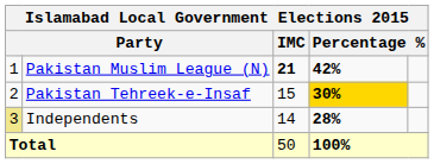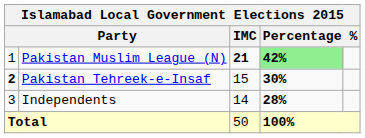 <table class="wikitable">
 <tr>
 <th colspan="5">Islamabad Local Government Elections 2015</th>
 </tr>
 <tr>
 <th colspan="2">Party</th>
 <th>IMC</th>
 <th colspan="2">Percentage %</th>
 </tr>
 <tr>
 <td>1</td>
 <td> <a href='#'>Pakistan Muslim League (N)</a></td>
 <td><strong>21</strong></td>
-<td><strong>42%</strong></td>
+<td style="background: lightgreen;"><strong>42%</strong></td>
 <td></td>
 </tr>
 <tr>
-<td>2</td>
+<td><strong>2</strong></td>
 <td> <a href='#'>Pakistan Tehreek-e-Insaf</a></td>
 <td>15</td>
-<td style="background: gold;"><strong>30%</strong></td>
+<td><strong>30%</strong></td>
 <td></td>
 </tr>
 <tr>
-<td style="background: khaki;">3</td>
+<td>3</td>
 <td>Independents</td>
 <td>14</td>
 <td><strong>28%</strong></td>
 <td></td>
 </tr>
 <tr style="border: 1px solid black; background: #ffffcc;">
 <td colspan="2"><strong>Total</strong></td>
 <td>50</td>
 <td colspan="2"><strong>100%</strong></td>
 </tr>
 </table>
